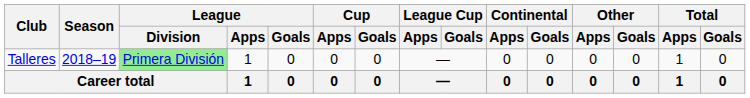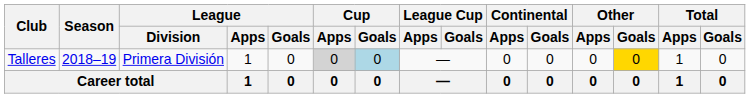 <table class="wikitable" style="text-align:center">
 <tr>
 <th rowspan="2">Club</th>
 <th rowspan="2">Season</th>
 <th colspan="3">League</th>
 <th colspan="2">Cup</th>
 <th colspan="2">League Cup</th>
 <th colspan="2">Continental</th>
 <th colspan="2">Other</th>
 <th colspan="2">Total</th>
 </tr>
 <tr>
 <th>Division</th>
 <th>Apps</th>
 <th>Goals</th>
 <th>Apps</th>
 <th>Goals</th>
 <th>Apps</th>
 <th>Goals</th>
 <th>Apps</th>
 <th>Goals</th>
 <th>Apps</th>
 <th>Goals</th>
 <th>Apps</th>
 <th>Goals</th>
 </tr>
 <tr>
 <td rowspan="1"><a href='#'>Talleres</a></td>
 <td><a href='#'>2018–19</a></td>
-<td rowspan="1" style="background: lightgreen;"><a href='#'>Primera División</a></td>
+<td rowspan="1"><a href='#'>Primera División</a></td>
 <td>1</td>
 <td>0</td>
-<td>0</td>
-<td>0</td>
+<td style="background: lightgrey;">0</td>
+<td style="background: lightblue;">0</td>
 <td colspan="2">—</td>
 <td>0</td>
 <td>0</td>
 <td>0</td>
-<td>0</td>
+<td style="background: gold;">0</td>
 <td>1</td>
 <td>0</td>
 </tr>
 <tr>
 <th colspan="3">Career total</th>
 <th>1</th>
 <th>0</th>
 <th>0</th>
 <th>0</th>
 <th colspan="2">—</th>
 <th>0</th>
 <th>0</th>
 <th>0</th>
 <th>0</th>
 <th>1</th>
 <th>0</th>
 </tr>
 </table>
